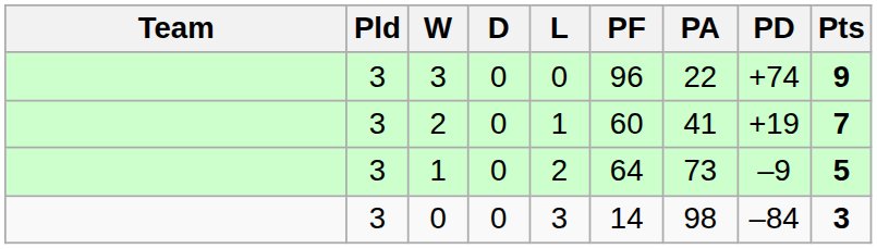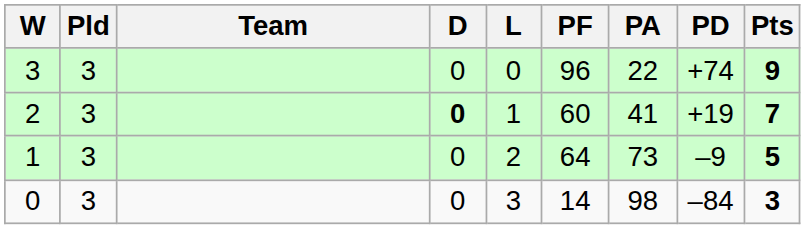 <table class="wikitable" style="text-align:center;">
 <tr>
+<th width=25 abbr="Won">W</th>
+<th width=25 abbr="Played">Pld</th>
 <th width=175>Team</th>
-<th width=25 abbr="Played">Pld</th>
-<th width=25 abbr="Won">W</th>
 <th width=25 abbr="Drawn">D</th>
 <th width=25 abbr="Lost">L</th>
 <th width=32 abbr="Points for">PF</th>
 <th width=32 abbr="Points against">PA</th>
 <th width=32 abbr="Points difference">PD</th>
 <th width=25 abbr="Points">Pts</th>
 </tr>
 <tr bgcolor=ccffcc>
-<td align=left></td>
 <td>3</td>
 <td>3</td>
+<td align=left></td>
 <td>0</td>
 <td>0</td>
 <td>96</td>
 <td>22</td>
 <td>+74</td>
 <td><strong>9</strong></td>
 </tr>
 <tr bgcolor=ccffcc>
+<td>2</td>
+<td>3</td>
 <td align=left></td>
-<td>3</td>
-<td>2</td>
-<td>0</td>
+<td><strong>0</strong></td>
 <td>1</td>
 <td>60</td>
 <td>41</td>
 <td>+19</td>
 <td><strong>7</strong></td>
 </tr>
 <tr bgcolor=ccffcc>
+<td>1</td>
+<td>3</td>
 <td align=left></td>
-<td>3</td>
-<td>1</td>
 <td>0</td>
 <td>2</td>
 <td>64</td>
 <td>73</td>
 <td>–9</td>
 <td><strong>5</strong></td>
 </tr>
 <tr>
+<td>0</td>
+<td>3</td>
 <td align=left></td>
-<td>3</td>
-<td>0</td>
 <td>0</td>
 <td>3</td>
 <td>14</td>
 <td>98</td>
 <td>–84</td>
 <td><strong>3</strong></td>
 </tr>
 </table>
